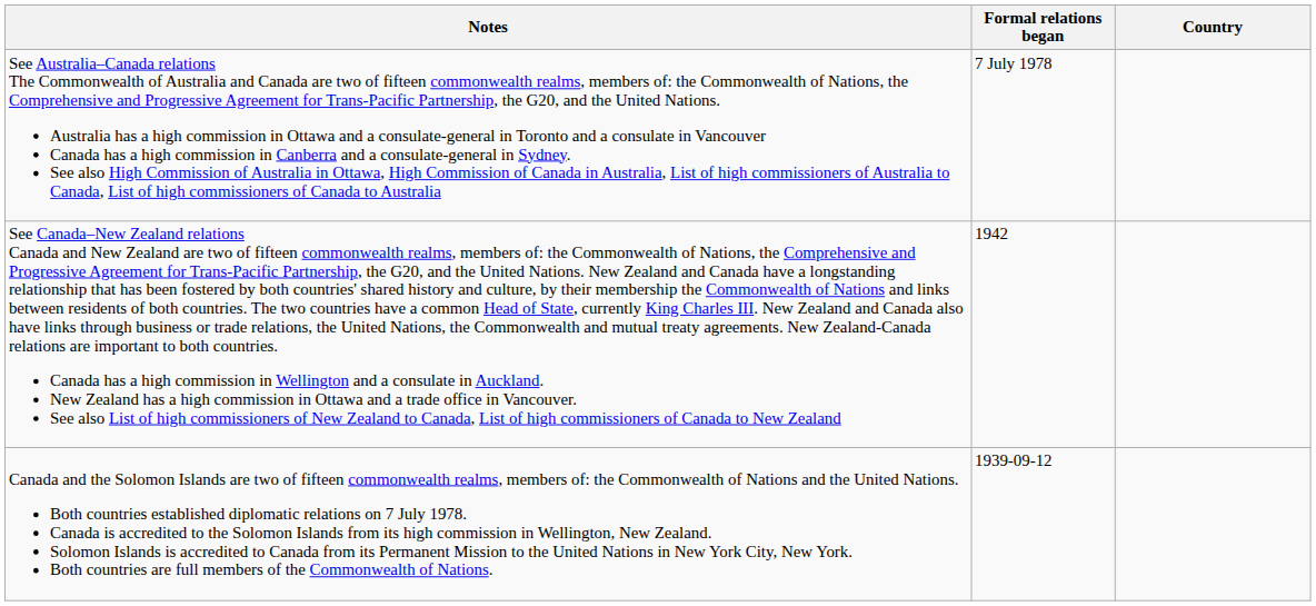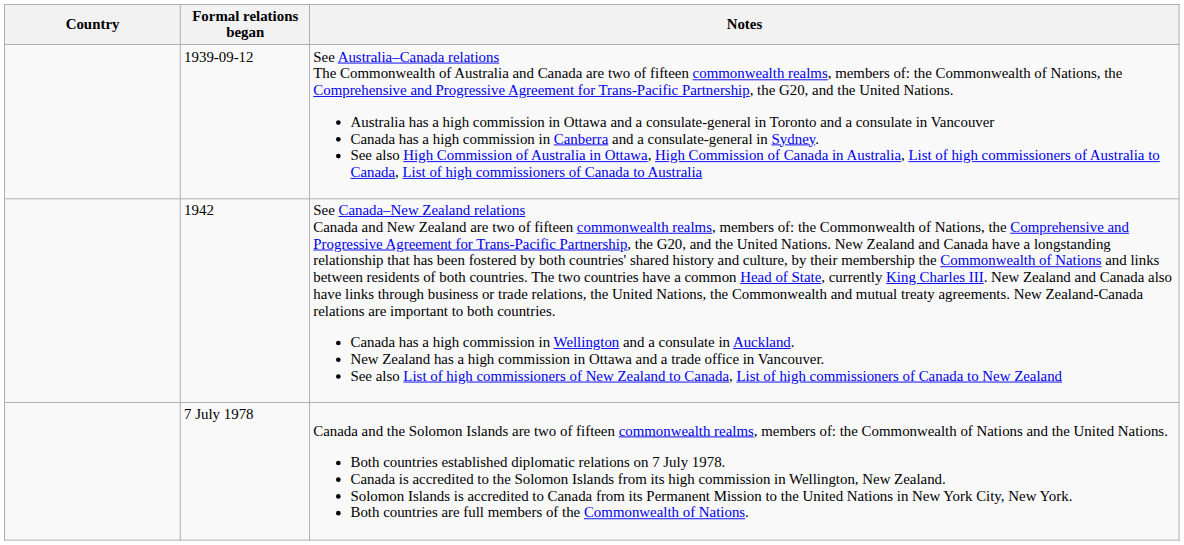 <table class="wikitable sortable" style="width:100%; margin:auto;">
 <tr>
+<th style="width:15%;">Country</th>
+<th style="width:11%;">Formal relations began</th>
 <th style="width:74%;">Notes</th>
-<th style="width:11%;">Formal relations began</th>
-<th style="width:15%;">Country</th>
 </tr>
 <tr valign="top">
+<td></td>
+<td>1939-09-12</td>
 <td>See <a href='#'>Australia–Canada relations</a><br>The Commonwealth of Australia and Canada are two of fifteen <a href='#'>commonwealth realms</a>, members of: the Commonwealth of Nations, the <a href='#'>Comprehensive and Progressive Agreement for Trans-Pacific Partnership</a>, the G20, and the United Nations.<ul><li>Australia has a high commission in Ottawa and a consulate-general in Toronto and a consulate in Vancouver</li><li>Canada has a high commission in <a href='#'>Canberra</a> and a consulate-general in <a href='#'>Sydney</a>.</li><li>See also <a href='#'>High Commission of Australia in Ottawa</a>, <a href='#'>High Commission of Canada in Australia</a>, <a href='#'>List of high commissioners of Australia to Canada</a>, <a href='#'>List of high commissioners of Canada to Australia</a></li></ul></td>
-<td>7 July 1978</td>
-<td></td>
 </tr>
 <tr valign="top">
+<td></td>
+<td>1942</td>
 <td>See <a href='#'>Canada–New Zealand relations</a><br>Canada and New Zealand are two of fifteen <a href='#'>commonwealth realms</a>, members of: the Commonwealth of Nations, the <a href='#'>Comprehensive and Progressive Agreement for Trans-Pacific Partnership</a>, the G20, and the United Nations. New Zealand and Canada have a longstanding relationship that has been fostered by both countries' shared history and culture, by their membership the <a href='#'>Commonwealth of Nations</a> and links between residents of both countries. The two countries have a common <a href='#'>Head of State</a>, currently <a href='#'>King Charles III</a>. New Zealand and Canada also have links through business or trade relations, the United Nations, the Commonwealth and mutual treaty agreements. New Zealand-Canada relations are important to both countries.<ul><li>Canada has a high commission in <a href='#'>Wellington</a> and a consulate in <a href='#'>Auckland</a>.</li><li>New Zealand has a high commission in Ottawa and a trade office in Vancouver.</li><li>See also <a href='#'>List of high commissioners of New Zealand to Canada</a>, <a href='#'>List of high commissioners of Canada to New Zealand</a></li></ul></td>
-<td>1942</td>
-<td></td>
 </tr>
 <tr valign="top">
+<td></td>
+<td>7 July 1978</td>
 <td><br>Canada and the Solomon Islands are two of fifteen <a href='#'>commonwealth realms</a>, members of: the Commonwealth of Nations and the United Nations.<ul><li>Both countries established diplomatic relations on 7 July 1978.</li><li>Canada is accredited to the Solomon Islands from its high commission in Wellington, New Zealand.</li><li>Solomon Islands is accredited to Canada from its Permanent Mission to the United Nations in New York City, New York.</li><li>Both countries are full members of the <a href='#'>Commonwealth of Nations</a>.</li></ul></td>
-<td>1939-09-12</td>
-<td></td>
 </tr>
 </table>
